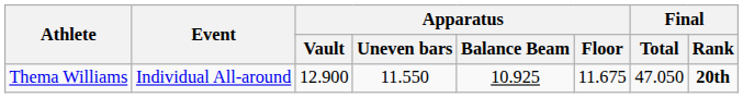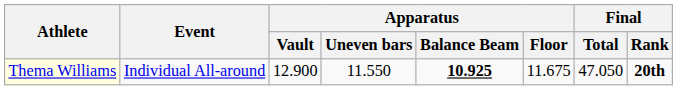 <table class="wikitable" style="font-size:90%">
 <tr>
 <th rowspan="2">Athlete</th>
 <th rowspan="2">Event</th>
 <th colspan = "4">Apparatus</th>
 <th colspan = "2">Final</th>
 </tr>
 <tr>
 <th>Vault</th>
 <th>Uneven bars</th>
 <th>Balance Beam</th>
 <th>Floor</th>
 <th>Total</th>
 <th>Rank</th>
 </tr>
 <tr>
-<td><a href='#'>Thema Williams</a></td>
+<td style="background: lightyellow;"><a href='#'>Thema Williams</a></td>
 <td><a href='#'>Individual All-around</a></td>
 <td align=center>12.900</td>
 <td align=center>11.550</td>
-<td align=center><u>10.925</u></td>
+<td align=center><strong><u>10.925</u></strong></td>
 <td align=center>11.675</td>
 <td align=center>47.050</td>
 <td align=center><strong>20th</strong></td>
 </tr>
 </table>
